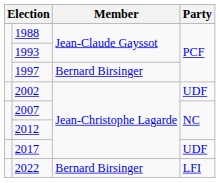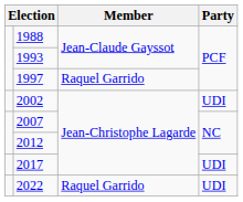 <table class="wikitable">
 <tr>
 <th colspan="2">Election</th>
 <th>Member</th>
 <th>Party</th>
 </tr>
 <tr>
 <td rowspan="3" style="color:inherit;background:"></td>
 <td><a href='#'>1988</a></td>
 <td rowspan="2"><a href='#'>Jean-Claude Gayssot</a></td>
 <td rowspan="3"><a href='#'>PCF</a></td>
 </tr>
 <tr>
 <td><a href='#'>1993</a></td>
 </tr>
 <tr>
 <td><a href='#'>1997</a></td>
-<td><a href='#'>Bernard Birsinger</a></td>
+<td><a href='#'>Raquel Garrido</a></td>
 </tr>
 <tr>
 <td style="color:inherit;background:"></td>
 <td><a href='#'>2002</a></td>
 <td rowspan="4"><a href='#'>Jean-Christophe Lagarde</a></td>
-<td><a href='#'>UDF</a></td>
+<td><a href='#'>UDI</a></td>
 </tr>
 <tr>
 <td rowspan="2" style="color:inherit;background:"></td>
 <td><a href='#'>2007</a></td>
 <td rowspan="2"><a href='#'>NC</a></td>
 </tr>
 <tr>
 <td><a href='#'>2012</a></td>
 </tr>
 <tr>
 <td style="color:inherit;background:"></td>
 <td><a href='#'>2017</a></td>
-<td><a href='#'>UDF</a></td>
+<td><a href='#'>UDI</a></td>
 </tr>
 <tr>
 <td style="color:inherit;background:"></td>
 <td><a href='#'>2022</a></td>
-<td><a href='#'>Bernard Birsinger</a></td>
-<td><a href='#'>LFI</a></td>
+<td><a href='#'>Raquel Garrido</a></td>
+<td><a href='#'>UDI</a></td>
 </tr>
 </table>
